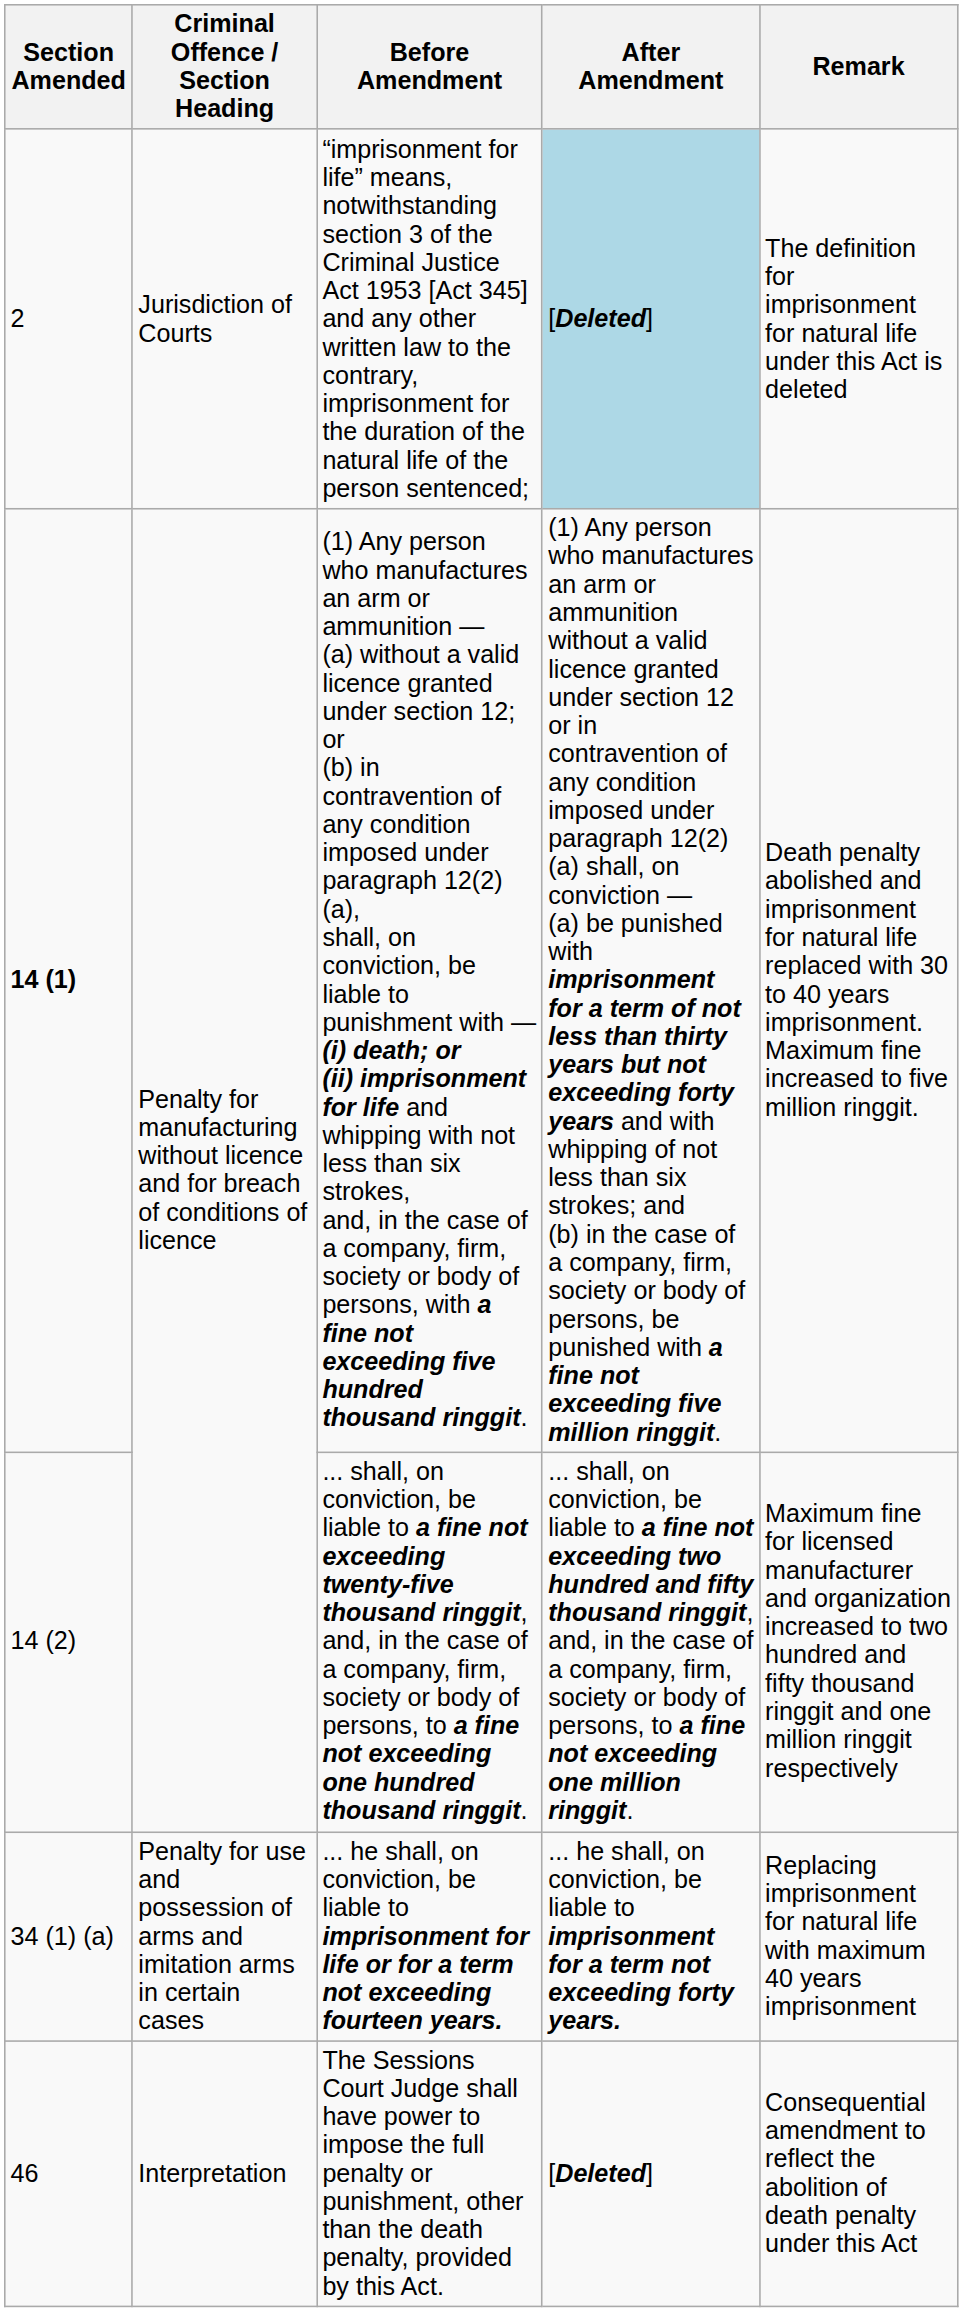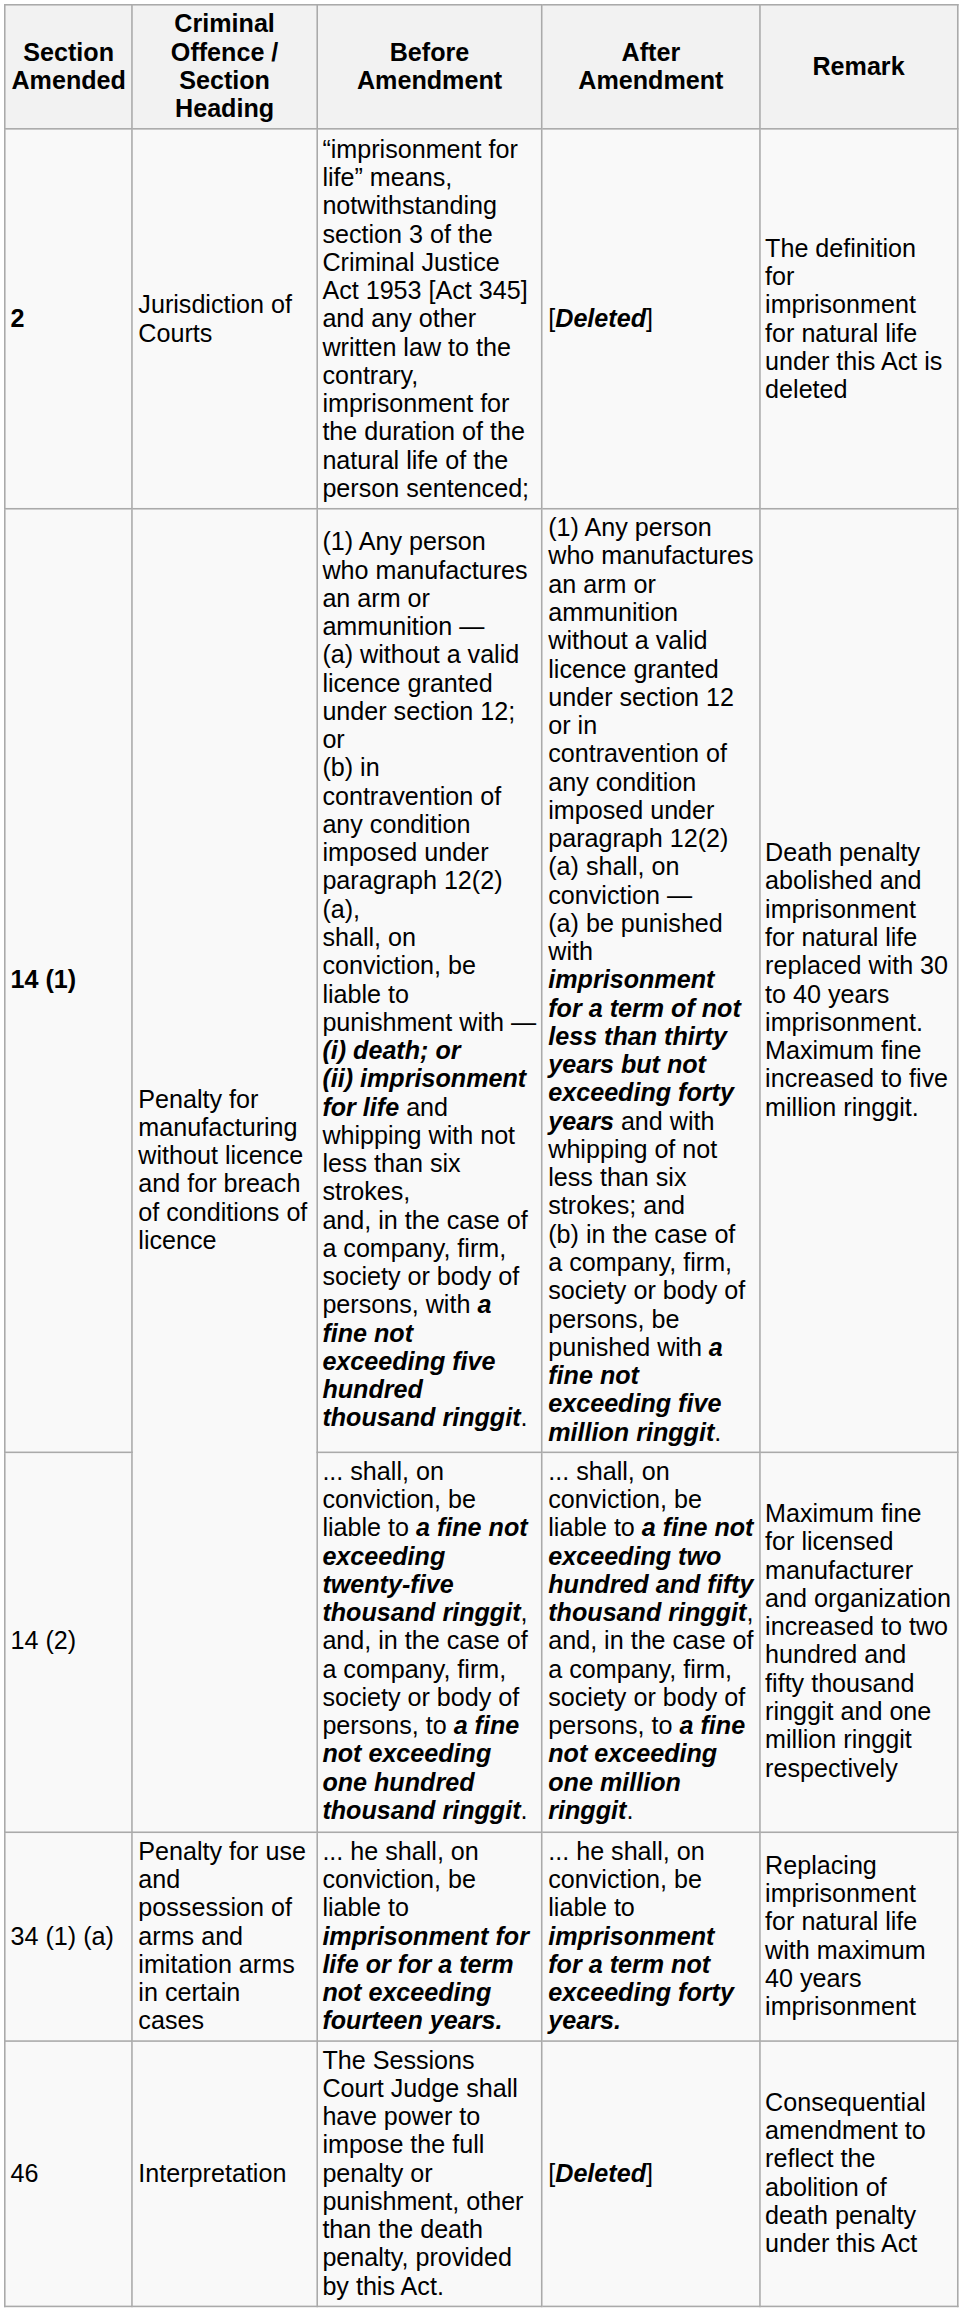 <table class="wikitable">
 <tr>
 <th>Section Amended</th>
 <th>Criminal Offence / Section Heading</th>
 <th>Before Amendment</th>
 <th>After Amendment</th>
 <th>Remark</th>
 </tr>
 <tr>
-<td>2</td>
+<td><strong>2</strong></td>
 <td>Jurisdiction of Courts</td>
 <td>“imprisonment for life” means, notwithstanding section 3 of the Criminal Justice Act 1953 [Act 345] and any other written law to the contrary, imprisonment for the duration of the natural life of the person sentenced;</td>
-<td style="background: lightblue;">[<strong><em>Deleted</em></strong>]</td>
+<td>[<strong><em>Deleted</em></strong>]</td>
 <td>The definition for imprisonment for natural life under this Act is deleted</td>
 </tr>
 <tr>
 <td><strong>14 (1)</strong></td>
 <td rowspan="2">Penalty for manufacturing without licence and for breach of conditions of licence</td>
 <td>(1) Any person who manufactures an arm or ammunition —<br>(a) without a valid licence granted under section 12; or<br>(b) in contravention of any condition imposed under paragraph 12(2)(a),<br>shall, on conviction, be liable to punishment with —<br><strong><em>(i) death; or</em></strong><br><strong><em>(ii) imprisonment for life</em></strong> and whipping with not less than six strokes,<br>and, in the case of a company, firm, society or body of persons, with <strong><em>a fine not exceeding five hundred thousand ringgit</em></strong>.</td>
 <td>(1) Any person who manufactures an arm or ammunition without a valid licence granted under section 12 or in contravention of any condition imposed under paragraph 12(2)(a) shall, on conviction —<br>(a) be punished with <strong><em>imprisonment for a term of not less than thirty years but not exceeding forty years</em></strong> and with whipping of not less than six strokes; and<br>(b) in the case of a company, firm, society or body of persons, be punished with <strong><em>a fine not exceeding five million ringgit</em></strong>.</td>
 <td>Death penalty abolished and imprisonment for natural life replaced with 30 to 40 years imprisonment.<br>Maximum fine increased to five million ringgit.</td>
 </tr>
 <tr>
 <td>14 (2)</td>
 <td>... shall, on conviction, be liable to <strong><em>a fine not exceeding twenty-five thousand ringgit</em></strong>, and, in the case of a company, firm, society or body of persons, to <strong><em>a fine not exceeding one hundred thousand ringgit</em></strong>.</td>
 <td>... shall, on conviction, be liable to <strong><em>a fine not exceeding two hundred and fifty thousand ringgit</em></strong>, and, in the case of a company, firm, society or body of persons, to <strong><em>a fine not exceeding one million ringgit</em></strong>.</td>
 <td>Maximum fine for licensed manufacturer and organization increased to two hundred and fifty thousand ringgit and one million ringgit respectively</td>
 </tr>
 <tr>
 <td>34 (1) (a)</td>
 <td>Penalty for use and possession of arms and imitation arms in certain cases</td>
 <td>... he shall, on conviction, be liable to <strong><em>imprisonment for life or for a term not exceeding fourteen years.</em></strong></td>
 <td>... he shall, on conviction, be liable to <strong><em>imprisonment for a term not exceeding forty years.</em></strong></td>
 <td>Replacing imprisonment for natural life with maximum 40 years imprisonment</td>
 </tr>
 <tr>
 <td>46</td>
 <td>Interpretation</td>
 <td>The Sessions Court Judge shall have power to impose the full penalty or punishment, other than the death penalty, provided by this Act.</td>
 <td>[<strong><em>Deleted</em></strong>]</td>
 <td>Consequential amendment to reflect the abolition of death penalty under this Act</td>
 </tr>
 </table>
